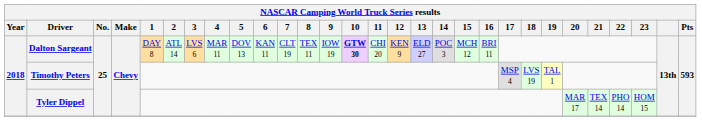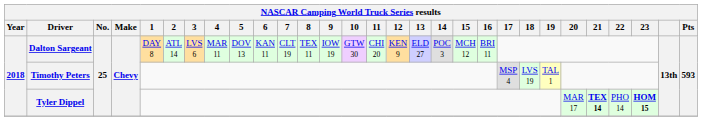 <table class="wikitable mw-collapsible mw-collapsed" style="text-align:center; font-size:75%">
 <tr>
 <th colspan="45"><a href='#'>NASCAR Camping World Truck Series</a> results</th>
 </tr>
 <tr>
 <th>Year</th>
 <th>Driver</th>
 <th>No.</th>
 <th>Make</th>
 <th>1</th>
 <th>2</th>
 <th>3</th>
 <th>4</th>
 <th>5</th>
 <th>6</th>
 <th>7</th>
 <th>8</th>
 <th>9</th>
 <th>10</th>
 <th>11</th>
 <th>12</th>
 <th>13</th>
 <th>14</th>
 <th>15</th>
 <th>16</th>
 <th>17</th>
 <th>18</th>
 <th>19</th>
 <th>20</th>
 <th>21</th>
 <th>22</th>
 <th>23</th>
 <th></th>
 <th>Pts</th>
 </tr>
 <tr>
 <th Rowspan=3><a href='#'>2018</a></th>
 <th><a href='#'>Dalton Sargeant</a></th>
 <th Rowspan=3>25</th>
 <th Rowspan=3><a href='#'>Chevy</a></th>
 <td style="background:#FFDF9F;"><a href='#'>DAY</a><br><small>8</small></td>
 <td style="background:#DFFFDF;"><a href='#'>ATL</a><br><small>14</small></td>
 <td style="background:#FFDF9F;"><a href='#'>LVS</a><br><small>6</small></td>
 <td style="background:#DFFFDF;"><a href='#'>MAR</a><br><small>11</small></td>
 <td style="background:#DFFFDF;"><a href='#'>DOV</a><br><small>13</small></td>
 <td style="background:#DFFFDF;"><a href='#'>KAN</a><br><small>11</small></td>
 <td style="background:#DFFFDF;"><a href='#'>CLT</a><br><small>19</small></td>
 <td style="background:#DFFFDF;"><a href='#'>TEX</a><br><small>11</small></td>
 <td style="background:#DFFFDF;"><a href='#'>IOW</a><br><small>19</small></td>
-<td style="background:#EFCFFF;"><strong><a href='#'>GTW</a><br><small>30</small></strong></td>
+<td style="background:#EFCFFF;"><a href='#'>GTW</a><br><small>30</small></td>
 <td style="background:#DFFFDF;"><a href='#'>CHI</a><br><small>20</small></td>
 <td style="background:#FFDF9F;"><a href='#'>KEN</a><br><small>9</small></td>
 <td style="background:#CFCFFF;"><a href='#'>ELD</a><br><small>27</small></td>
 <td style="background:#DFDFDF;"><a href='#'>POC</a><br><small>3</small></td>
 <td style="background:#DFFFDF;"><a href='#'>MCH</a><br><small>12</small></td>
 <td style="background:#DFFFDF;"><a href='#'>BRI</a><br><small>11</small></td>
 <td colspan=7></td>
 <th Rowspan=3>13th</th>
 <th Rowspan=3>593</th>
 </tr>
 <tr>
 <th><a href='#'>Timothy Peters</a></th>
 <td colspan=16></td>
 <td style="background:#DFDFDF;"><a href='#'>MSP</a><br><small>4</small></td>
 <td style="background:#DFFFDF;"><a href='#'>LVS</a><br><small>19</small></td>
 <td style="background:#FFFFBF;"><a href='#'>TAL</a><br><small>1</small></td>
 <td colspan=4></td>
 </tr>
 <tr>
 <th><a href='#'>Tyler Dippel</a></th>
 <td colspan=19></td>
 <td style="background:#DFFFDF;"><a href='#'>MAR</a><br><small>17</small></td>
-<td style="background:#DFFFDF;"><a href='#'>TEX</a><br><small>14</small></td>
+<td style="background:#DFFFDF;"><strong><a href='#'>TEX</a><br><small>14</small></strong></td>
 <td style="background:#DFFFDF;"><a href='#'>PHO</a><br><small>14</small></td>
-<td style="background:#DFFFDF;"><a href='#'>HOM</a><br><small>15</small></td>
+<td style="background:#DFFFDF;"><strong><a href='#'>HOM</a><br><small>15</small></strong></td>
 </tr>
 <tr>
 </tr>
 </table>
